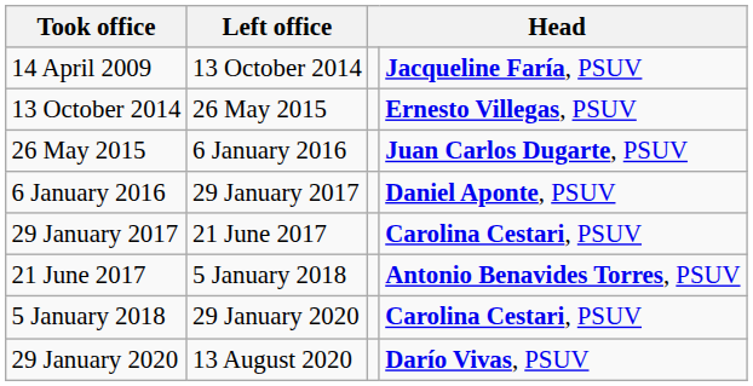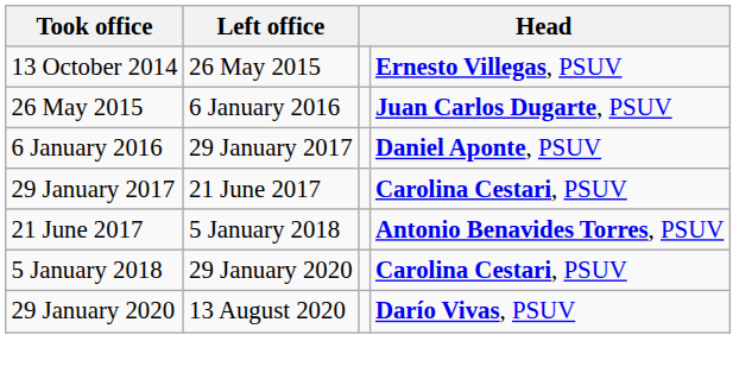 <table class="wikitable" style="font-size: 95%;">
 <tr>
 <th>Took office</th>
 <th>Left office</th>
 <th colspan="2">Head</th>
-</tr>
-<tr>
-<td>14 April 2009</td>
-<td>13 October 2014</td>
-<td style="background-color:"></td>
-<td><strong><a href='#'>Jacqueline Faría</a></strong>, <a href='#'>PSUV</a></td>
 </tr>
 <tr>
 <td>13 October 2014</td>
 <td>26 May 2015</td>
 <td style="background-color:"></td>
 <td><strong><a href='#'>Ernesto Villegas</a></strong>, <a href='#'>PSUV</a></td>
 </tr>
 <tr>
 <td>26 May 2015</td>
 <td>6 January 2016</td>
 <td style="background-color:"></td>
 <td><strong><a href='#'>Juan Carlos Dugarte</a></strong>, <a href='#'>PSUV</a></td>
 </tr>
 <tr>
 <td>6 January 2016</td>
 <td>29 January 2017</td>
 <td style="background-color:"></td>
 <td><strong><a href='#'>Daniel Aponte</a></strong>, <a href='#'>PSUV</a></td>
 </tr>
 <tr>
 <td>29 January 2017</td>
 <td>21 June 2017</td>
 <td style="background-color:"></td>
 <td><strong><a href='#'>Carolina Cestari</a></strong>, <a href='#'>PSUV</a></td>
 </tr>
 <tr>
 <td>21 June 2017</td>
 <td>5 January 2018</td>
 <td style="background-color:"></td>
 <td><strong><a href='#'>Antonio Benavides Torres</a></strong>, <a href='#'>PSUV</a></td>
 </tr>
 <tr>
 <td>5 January 2018</td>
 <td>29 January 2020</td>
 <td style="background-color:"></td>
 <td><strong><a href='#'>Carolina Cestari</a></strong>, <a href='#'>PSUV</a></td>
 </tr>
 <tr>
 <td>29 January 2020</td>
 <td>13 August 2020</td>
 <td style="background-color:"></td>
 <td><strong><a href='#'>Darío Vivas</a></strong>, <a href='#'>PSUV</a></td>
 </tr>
 </table>
